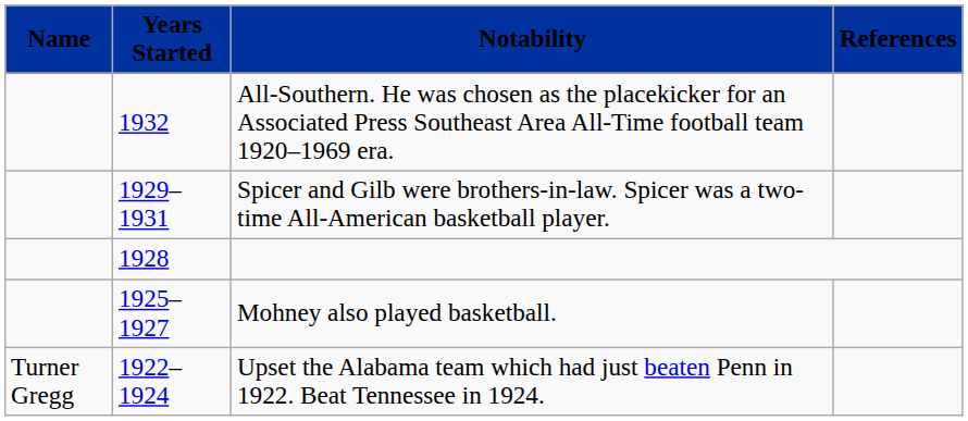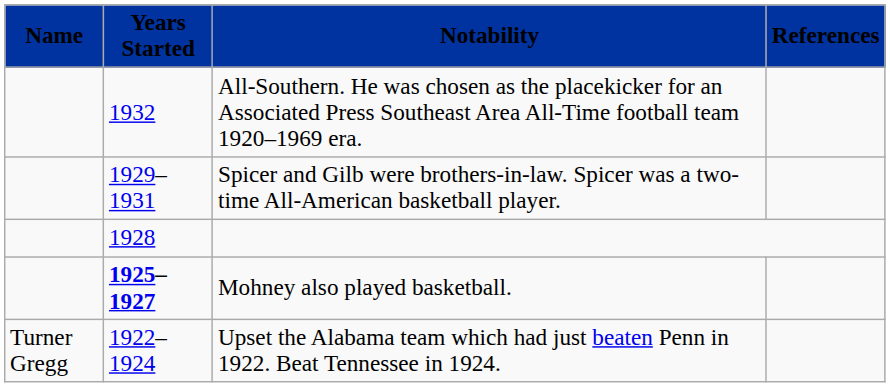 <table class="wikitable sortable" style="text-align:left;">
 <tr>
 <th style="background:#0033A0;"><span>Name</span></th>
 <th style="background:#0033A0;"><span>Years Started</span></th>
 <th style="background:#0033A0;"><span>Notability</span></th>
 <th style="background:#0033A0;"><span>References</span></th>
 </tr>
 <tr>
 <td></td>
 <td><a href='#'>1932</a></td>
 <td>All-Southern. He was chosen as the placekicker for an Associated Press Southeast Area All-Time football team 1920–1969 era.</td>
 <td></td>
 </tr>
 <tr>
 <td></td>
 <td><a href='#'>1929</a>–<a href='#'>1931</a></td>
 <td>Spicer and Gilb were brothers-in-law. Spicer was a two-time All-American basketball player.</td>
 <td></td>
 </tr>
 <tr>
 <td></td>
 <td><a href='#'>1928</a></td>
 </tr>
 <tr>
 <td></td>
-<td><a href='#'>1925</a>–<a href='#'>1927</a></td>
+<td><strong><a href='#'>1925</a>–<a href='#'>1927</a></strong></td>
 <td>Mohney also played basketball.</td>
 <td></td>
 </tr>
 <tr>
 <td>Turner Gregg</td>
 <td><a href='#'>1922</a>–<a href='#'>1924</a></td>
 <td>Upset the Alabama team which had just <a href='#'>beaten</a> Penn in 1922. Beat Tennessee in 1924.</td>
 <td></td>
 </tr>
 </table>
